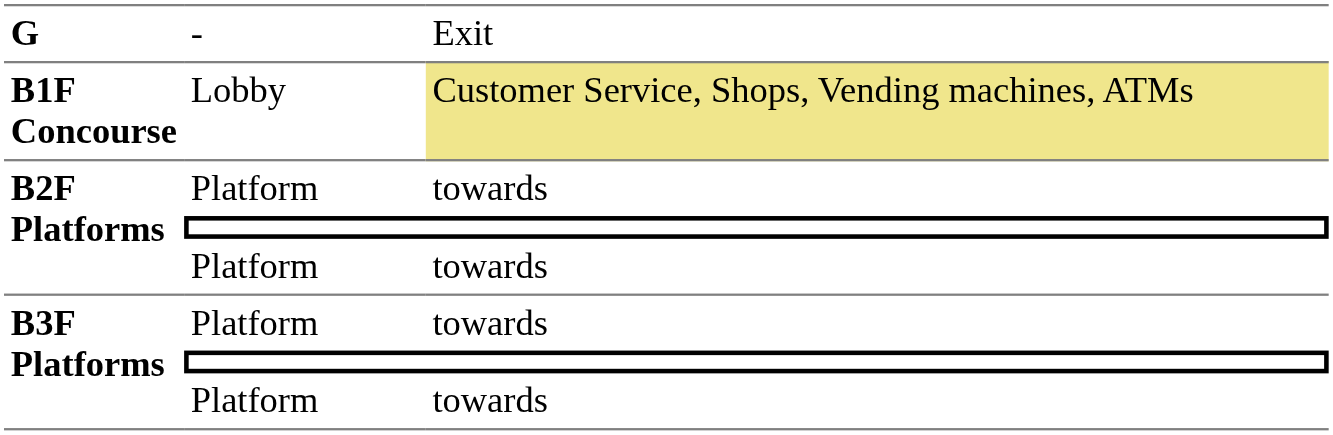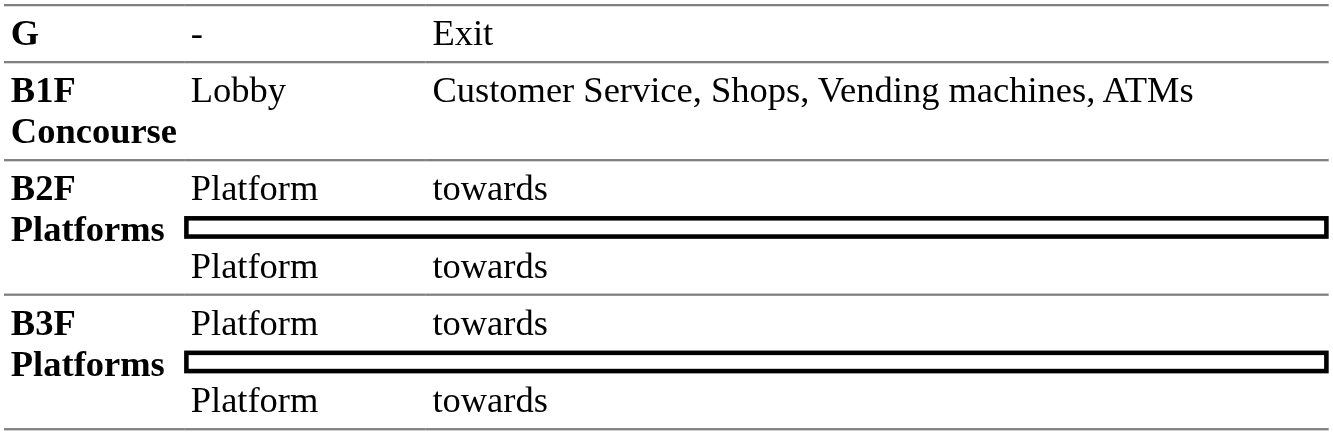 <table table border=0 cellspacing=0 cellpadding=3>
 <tr>
 <td style="border-top:solid 1px gray;" width=50 valign=top><strong>G</strong></td>
 <td style="border-top:solid 1px gray;" width=100 valign=top>-</td>
 <td style="border-top:solid 1px gray;" width=390 valign=top>Exit</td>
 </tr>
 <tr>
 <td style="border-bottom:solid 1px gray; border-top:solid 1px gray;" valign=top width=50><strong>B1F<br>Concourse</strong></td>
 <td style="border-bottom:solid 1px gray; border-top:solid 1px gray;" valign=top width=100>Lobby</td>
-<td style="background: khaki; border-bottom:solid 1px gray; border-top:solid 1px gray;" valign=top width=390>Customer Service, Shops, Vending machines, ATMs</td>
+<td style="border-bottom:solid 1px gray; border-top:solid 1px gray;" valign=top width=390>Customer Service, Shops, Vending machines, ATMs</td>
 </tr>
 <tr>
 <td style="border-bottom:solid 1px gray;" rowspan="3" valign=top><strong>B2F<br>Platforms</strong></td>
 <td>Platform</td>
 <td>  towards  </td>
 </tr>
 <tr>
 <td style="border-right:solid 2px black;border-left:solid 2px black;border-top:solid 2px black;border-bottom:solid 2px black;text-align:center;" colspan=2></td>
 </tr>
 <tr>
 <td style="border-bottom:solid 1px gray;">Platform</td>
 <td style="border-bottom:solid 1px gray;">  towards   </td>
 </tr>
 <tr>
 <td style="border-bottom:solid 1px gray;" rowspan="3" valign=top><strong>B3F<br>Platforms</strong></td>
 <td>Platform</td>
 <td>  towards  </td>
 </tr>
 <tr>
 <td style="border-right:solid 2px black;border-left:solid 2px black;border-top:solid 2px black;border-bottom:solid 2px black;text-align:center;" colspan=2></td>
 </tr>
 <tr>
 <td style="border-bottom:solid 1px gray;">Platform</td>
 <td style="border-bottom:solid 1px gray;">  towards   </td>
 </tr>
 </table>
